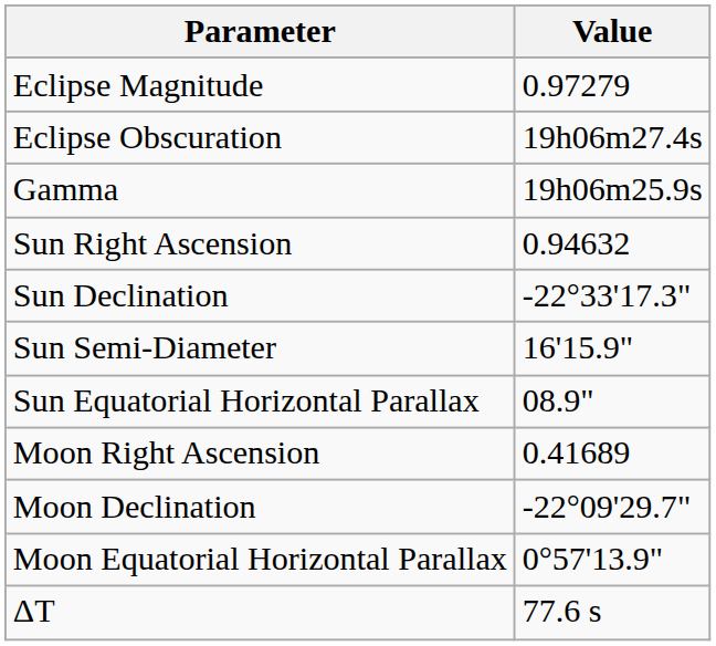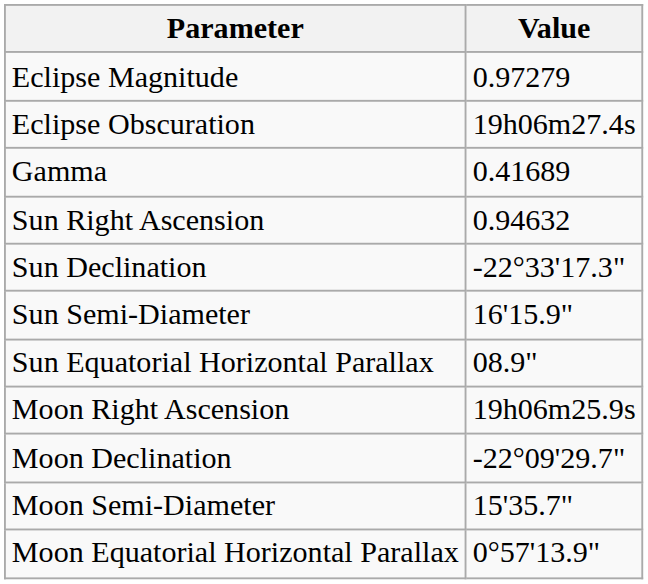 <table class="wikitable">
 <tr>
 <th>Parameter</th>
 <th>Value</th>
 </tr>
 <tr>
 <td>Eclipse Magnitude</td>
 <td>0.97279</td>
 </tr>
 <tr>
 <td>Eclipse Obscuration</td>
 <td>19h06m27.4s</td>
 </tr>
 <tr>
 <td>Gamma</td>
-<td>19h06m25.9s</td>
+<td>0.41689</td>
 </tr>
 <tr>
 <td>Sun Right Ascension</td>
 <td>0.94632</td>
 </tr>
 <tr>
 <td>Sun Declination</td>
 <td>-22°33'17.3"</td>
 </tr>
 <tr>
 <td>Sun Semi-Diameter</td>
 <td>16'15.9"</td>
 </tr>
 <tr>
 <td>Sun Equatorial Horizontal Parallax</td>
 <td>08.9"</td>
 </tr>
 <tr>
 <td>Moon Right Ascension</td>
-<td>0.41689</td>
+<td>19h06m25.9s</td>
 </tr>
 <tr>
 <td>Moon Declination</td>
 <td>-22°09'29.7"</td>
 </tr>
 <tr>
+<td>Moon Semi-Diameter</td>
+<td>15'35.7"</td>
+</tr>
+<tr>
 <td>Moon Equatorial Horizontal Parallax</td>
 <td>0°57'13.9"</td>
 </tr>
-<tr>
-<td>ΔT</td>
-<td>77.6 s</td>
-</tr>
 </table>
